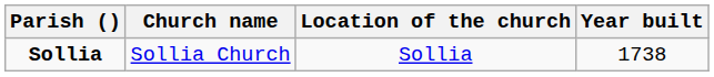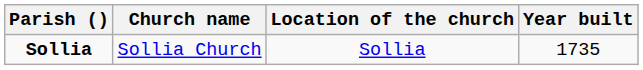 <table class="wikitable" style="text-align:center">
 <tr>
 <th>Parish ()</th>
 <th>Church name</th>
 <th>Location of the church</th>
 <th>Year built</th>
 </tr>
 <tr>
 <td rowspan="1"><strong>Sollia</strong></td>
 <td><a href='#'>Sollia Church</a></td>
 <td><a href='#'>Sollia</a></td>
-<td>1738</td>
+<td>1735</td>
 </tr>
 </table>
